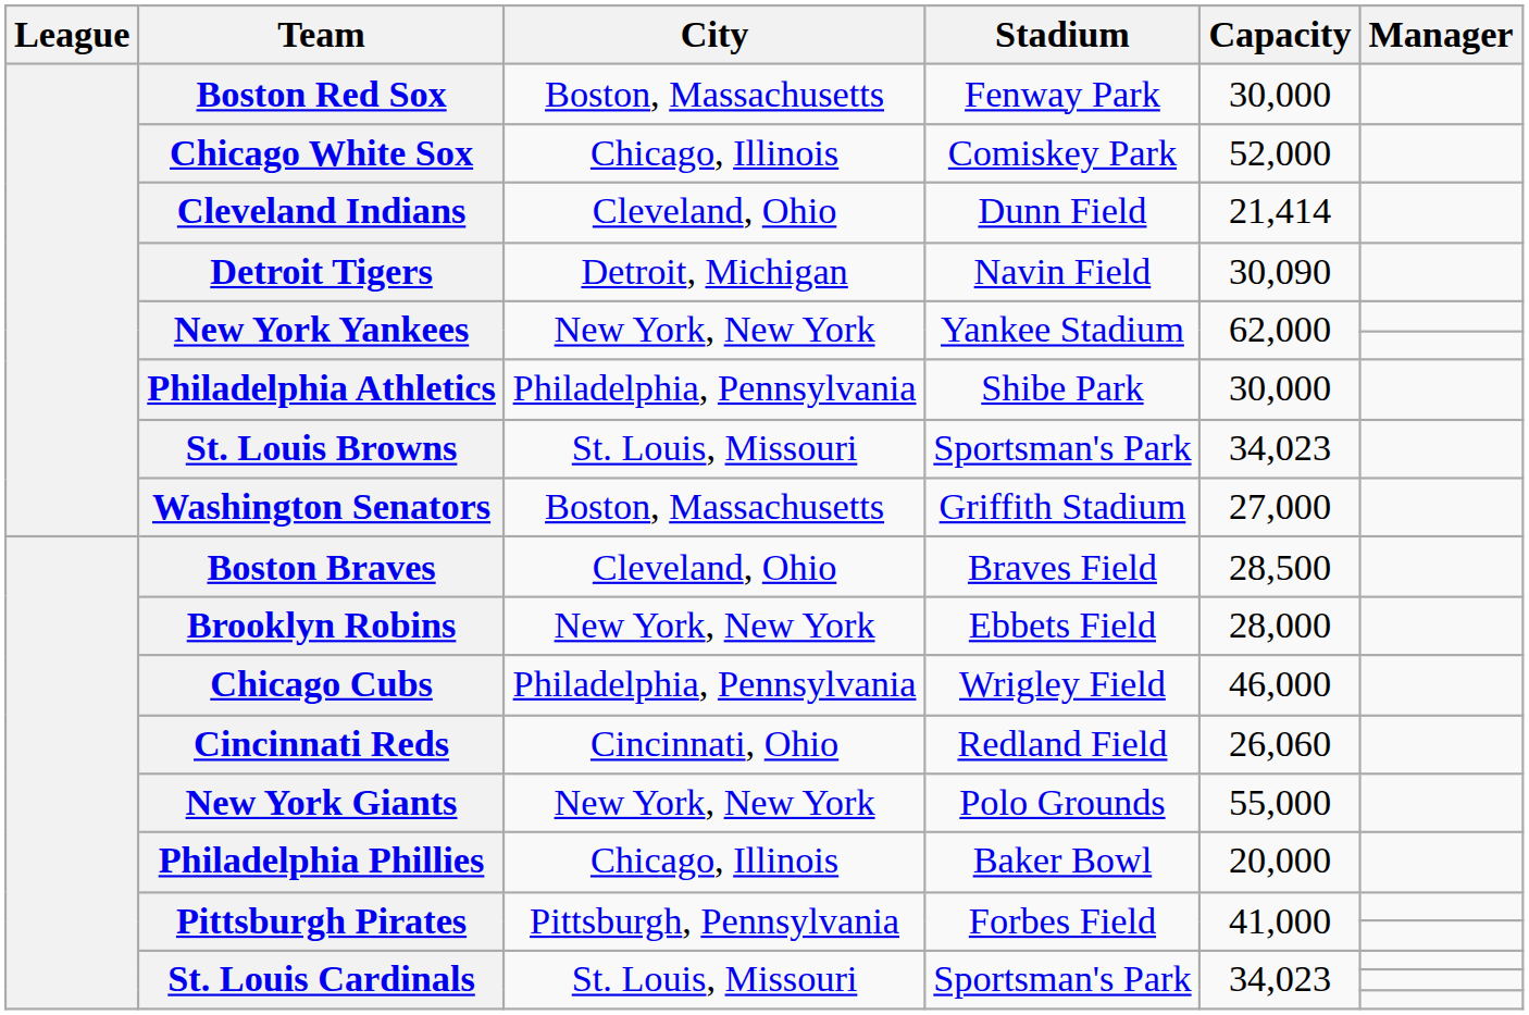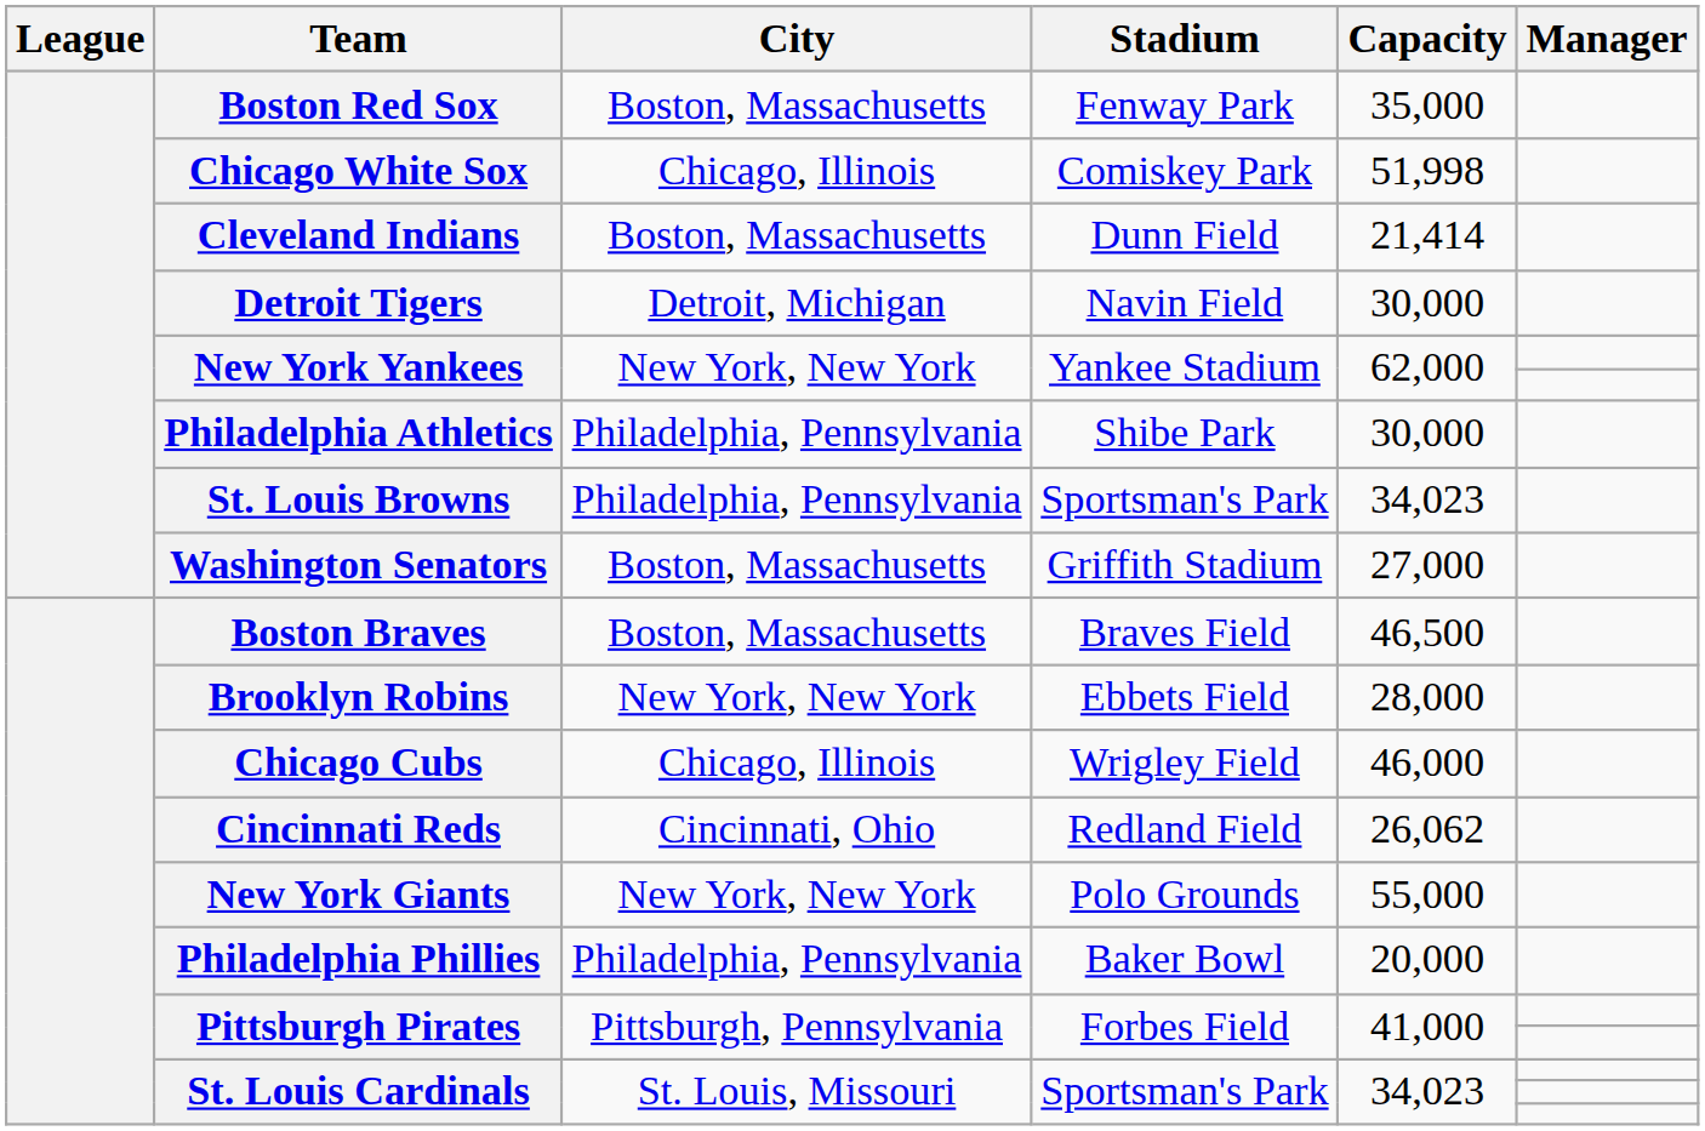 <table class="wikitable sortable plainrowheaders" style="text-align:center;">
 <tr>
 <th scope="col">League</th>
 <th scope="col">Team</th>
 <th scope="col">City</th>
 <th scope="col">Stadium</th>
 <th scope="col">Capacity</th>
 <th scope="col">Manager</th>
 </tr>
 <tr>
 <th rowspan="9"></th>
 <th scope="row"><a href='#'>Boston Red Sox</a></th>
 <td><a href='#'>Boston</a>, <a href='#'>Massachusetts</a></td>
 <td><a href='#'>Fenway Park</a></td>
-<td>30,000</td>
+<td>35,000</td>
 <td></td>
 </tr>
 <tr>
 <th scope="row"><a href='#'>Chicago White Sox</a></th>
 <td><a href='#'>Chicago</a>, <a href='#'>Illinois</a></td>
 <td><a href='#'>Comiskey Park</a></td>
-<td>52,000</td>
+<td>51,998</td>
 <td></td>
 </tr>
 <tr>
 <th scope="row"><a href='#'>Cleveland Indians</a></th>
-<td><a href='#'>Cleveland</a>, <a href='#'>Ohio</a></td>
+<td><a href='#'>Boston</a>, <a href='#'>Massachusetts</a></td>
 <td><a href='#'>Dunn Field</a></td>
 <td>21,414</td>
 <td></td>
 </tr>
 <tr>
 <th scope="row"><a href='#'>Detroit Tigers</a></th>
 <td><a href='#'>Detroit</a>, <a href='#'>Michigan</a></td>
 <td><a href='#'>Navin Field</a></td>
-<td>30,090</td>
+<td>30,000</td>
 <td></td>
 </tr>
 <tr>
 <th rowspan="2" scope="row"><a href='#'>New York Yankees</a></th>
 <td rowspan="2"><a href='#'>New York</a>, <a href='#'>New York</a></td>
 <td rowspan="2"><a href='#'>Yankee Stadium</a></td>
 <td rowspan="2">62,000</td>
 <td></td>
 </tr>
 <tr>
 <td></td>
 </tr>
 <tr>
 <th scope="row"><a href='#'>Philadelphia Athletics</a></th>
 <td><a href='#'>Philadelphia</a>, <a href='#'>Pennsylvania</a></td>
 <td><a href='#'>Shibe Park</a></td>
 <td>30,000</td>
 <td></td>
 </tr>
 <tr>
 <th scope="row"><a href='#'>St. Louis Browns</a></th>
-<td><a href='#'>St. Louis</a>, <a href='#'>Missouri</a></td>
+<td><a href='#'>Philadelphia</a>, <a href='#'>Pennsylvania</a></td>
 <td><a href='#'>Sportsman's Park</a></td>
 <td>34,023</td>
 <td></td>
 </tr>
 <tr>
 <th scope="row"><a href='#'>Washington Senators</a></th>
 <td><a href='#'>Boston</a>, <a href='#'>Massachusetts</a></td>
 <td><a href='#'>Griffith Stadium</a></td>
 <td>27,000</td>
 <td></td>
 </tr>
 <tr>
 <th rowspan="11"></th>
 <th scope="row"><a href='#'>Boston Braves</a></th>
-<td><a href='#'>Cleveland</a>, <a href='#'>Ohio</a></td>
+<td><a href='#'>Boston</a>, <a href='#'>Massachusetts</a></td>
 <td><a href='#'>Braves Field</a></td>
-<td>28,500</td>
+<td>46,500</td>
 <td></td>
 </tr>
 <tr>
 <th scope="row"><a href='#'>Brooklyn Robins</a></th>
 <td><a href='#'>New York</a>, <a href='#'>New York</a></td>
 <td><a href='#'>Ebbets Field</a></td>
 <td>28,000</td>
 <td></td>
 </tr>
 <tr>
 <th scope="row"><a href='#'>Chicago Cubs</a></th>
-<td><a href='#'>Philadelphia</a>, <a href='#'>Pennsylvania</a></td>
+<td><a href='#'>Chicago</a>, <a href='#'>Illinois</a></td>
 <td><a href='#'>Wrigley Field</a></td>
 <td>46,000</td>
 <td></td>
 </tr>
 <tr>
 <th scope="row"><a href='#'>Cincinnati Reds</a></th>
 <td><a href='#'>Cincinnati</a>, <a href='#'>Ohio</a></td>
 <td><a href='#'>Redland Field</a></td>
-<td>26,060</td>
+<td>26,062</td>
 <td></td>
 </tr>
 <tr>
 <th scope="row"><a href='#'>New York Giants</a></th>
 <td><a href='#'>New York</a>, <a href='#'>New York</a></td>
 <td><a href='#'>Polo Grounds</a></td>
 <td>55,000</td>
 <td></td>
 </tr>
 <tr>
 <th scope="row"><a href='#'>Philadelphia Phillies</a></th>
-<td><a href='#'>Chicago</a>, <a href='#'>Illinois</a></td>
+<td><a href='#'>Philadelphia</a>, <a href='#'>Pennsylvania</a></td>
 <td><a href='#'>Baker Bowl</a></td>
 <td>20,000</td>
 <td></td>
 </tr>
 <tr>
 <th rowspan="2" scope="row"><a href='#'>Pittsburgh Pirates</a></th>
 <td rowspan="2"><a href='#'>Pittsburgh</a>, <a href='#'>Pennsylvania</a></td>
 <td rowspan="2"><a href='#'>Forbes Field</a></td>
 <td rowspan="2">41,000</td>
 <td></td>
 </tr>
 <tr>
 <td></td>
 </tr>
 <tr>
 <th rowspan="3" scope="row"><a href='#'>St. Louis Cardinals</a></th>
 <td rowspan="3"><a href='#'>St. Louis</a>, <a href='#'>Missouri</a></td>
 <td rowspan="3"><a href='#'>Sportsman's Park</a></td>
 <td rowspan="3">34,023</td>
 <td></td>
 </tr>
 <tr>
 <td></td>
 </tr>
 <tr>
 <td></td>
 </tr>
 </table>
